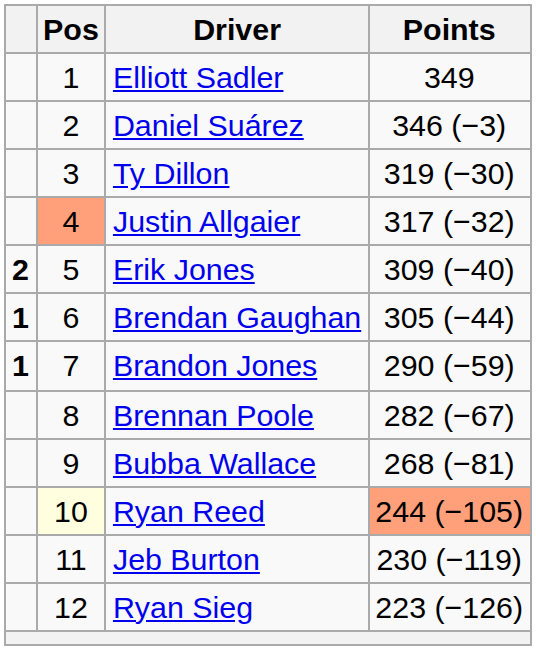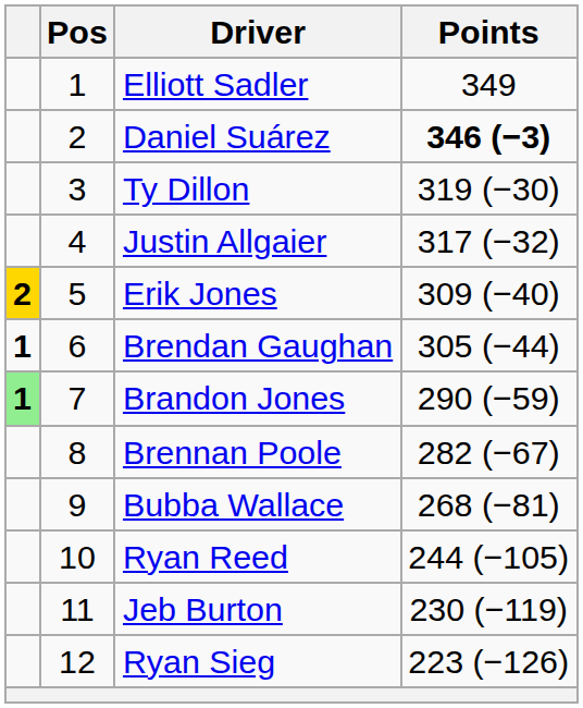 <table class="wikitable" style="font-size: 95%;">
 <tr>
 <th></th>
 <th>Pos</th>
 <th>Driver</th>
 <th>Points</th>
 </tr>
 <tr>
 <td align="left"></td>
 <td style="text-align:center;">1</td>
 <td><a href='#'>Elliott Sadler</a></td>
 <td style="text-align:center;">349</td>
 </tr>
 <tr>
 <td align="left"></td>
 <td style="text-align:center;">2</td>
 <td><a href='#'>Daniel Suárez</a></td>
-<td style="text-align:center;">346 (−3)</td>
+<td style="text-align:center;"><strong>346 (−3)</strong></td>
 </tr>
 <tr>
 <td align="left"></td>
 <td style="text-align:center;">3</td>
 <td><a href='#'>Ty Dillon</a></td>
 <td style="text-align:center;">319 (−30)</td>
 </tr>
 <tr>
 <td align="left"></td>
-<td style="background: lightsalmon; text-align:center;">4</td>
+<td style="text-align:center;">4</td>
 <td><a href='#'>Justin Allgaier</a></td>
 <td style="text-align:center;">317 (−32)</td>
 </tr>
 <tr>
-<td align="left"> <strong>2</strong></td>
+<td align="left" style="background: gold;"> <strong>2</strong></td>
 <td style="text-align:center;">5</td>
 <td><a href='#'>Erik Jones</a></td>
 <td style="text-align:center;">309 (−40)</td>
 </tr>
 <tr>
 <td align="left"> <strong>1</strong></td>
 <td style="text-align:center;">6</td>
 <td><a href='#'>Brendan Gaughan</a></td>
 <td style="text-align:center;">305 (−44)</td>
 </tr>
 <tr>
-<td align="left"> <strong>1</strong></td>
+<td align="left" style="background: lightgreen;"> <strong>1</strong></td>
 <td style="text-align:center;">7</td>
 <td><a href='#'>Brandon Jones</a></td>
 <td style="text-align:center;">290 (−59)</td>
 </tr>
 <tr>
 <td align="left"></td>
 <td style="text-align:center;">8</td>
 <td><a href='#'>Brennan Poole</a></td>
 <td style="text-align:center;">282 (−67)</td>
 </tr>
 <tr>
 <td align="left"></td>
 <td style="text-align:center;">9</td>
 <td><a href='#'>Bubba Wallace</a></td>
 <td style="text-align:center;">268 (−81)</td>
 </tr>
 <tr>
 <td align="left"></td>
-<td style="background: lightyellow; text-align:center;">10</td>
+<td style="text-align:center;">10</td>
 <td><a href='#'>Ryan Reed</a></td>
-<td style="background: lightsalmon; text-align:center;">244 (−105)</td>
+<td style="text-align:center;">244 (−105)</td>
 </tr>
 <tr>
 <td align="left"></td>
 <td style="text-align:center;">11</td>
 <td><a href='#'>Jeb Burton</a></td>
 <td style="text-align:center;">230 (−119)</td>
 </tr>
 <tr>
 <td align="left"></td>
 <td style="text-align:center;">12</td>
 <td><a href='#'>Ryan Sieg</a></td>
 <td style="text-align:center;">223 (−126)</td>
 </tr>
 <tr class="sortbottom">
 <th colspan="9"></th>
 </tr>
 </table>
